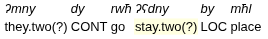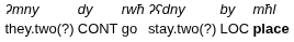 <table>
 <tr>
 <td><em>ʔmny</em></td>
 <td><em>dy</em></td>
 <td><em>rwħ</em></td>
 <td><em>ʔʕdny</em></td>
 <td><em>by</em></td>
 <td><em>mħl</em></td>
 </tr>
 <tr>
 <td>they.two(?)</td>
 <td>CONT</td>
 <td>go</td>
-<td style="background: lightyellow;">stay.two(?)</td>
+<td>stay.two(?)</td>
 <td>LOC</td>
-<td>place</td>
+<td><strong>place</strong></td>
 </tr>
 </table>
